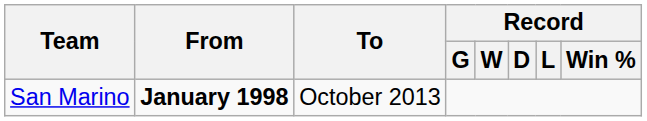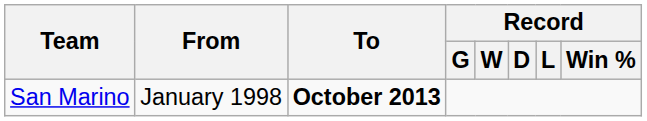 <table class="wikitable" style="text-align: center">
 <tr>
 <th rowspan="2">Team</th>
 <th rowspan="2">From</th>
 <th rowspan="2">To</th>
 <th colspan="5">Record</th>
 </tr>
 <tr>
 <th>G</th>
 <th>W</th>
 <th>D</th>
 <th>L</th>
 <th>Win %</th>
 </tr>
 <tr>
 <td align=left><a href='#'>San Marino</a></td>
-<td align=left><strong>January 1998</strong></td>
-<td align=left>October 2013<br></td>
+<td align=left>January 1998</td>
+<td align=left><strong>October 2013<br></strong></td>
 </tr>
 </table>
